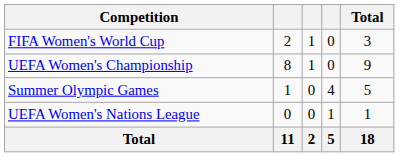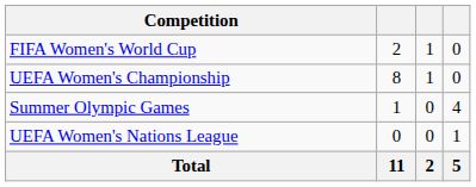 <table class="wikitable" style="width:30%; font-size:90%; text-align:center;">
 <tr>
 <th>Competition</th>
 <th></th>
 <th></th>
 <th></th>
-<th>Total</th>
 </tr>
 <tr>
 <td align=left><a href='#'>FIFA Women's World Cup</a></td>
 <td>2</td>
 <td>1</td>
 <td>0</td>
-<td>3</td>
 </tr>
 <tr>
 <td align="left"><a href='#'>UEFA Women's Championship</a></td>
 <td>8</td>
 <td>1</td>
 <td>0</td>
-<td>9</td>
 </tr>
 <tr>
 <td align=left><a href='#'>Summer Olympic Games</a></td>
 <td>1</td>
 <td>0</td>
 <td>4</td>
-<td>5</td>
 </tr>
 <tr>
 <td align=left><a href='#'>UEFA Women's Nations League</a></td>
 <td>0</td>
 <td>0</td>
-<td>1</td>
 <td>1</td>
 </tr>
 <tr>
 <th>Total</th>
 <th>11</th>
 <th>2</th>
 <th>5</th>
-<th>18</th>
 </tr>
 </table>
